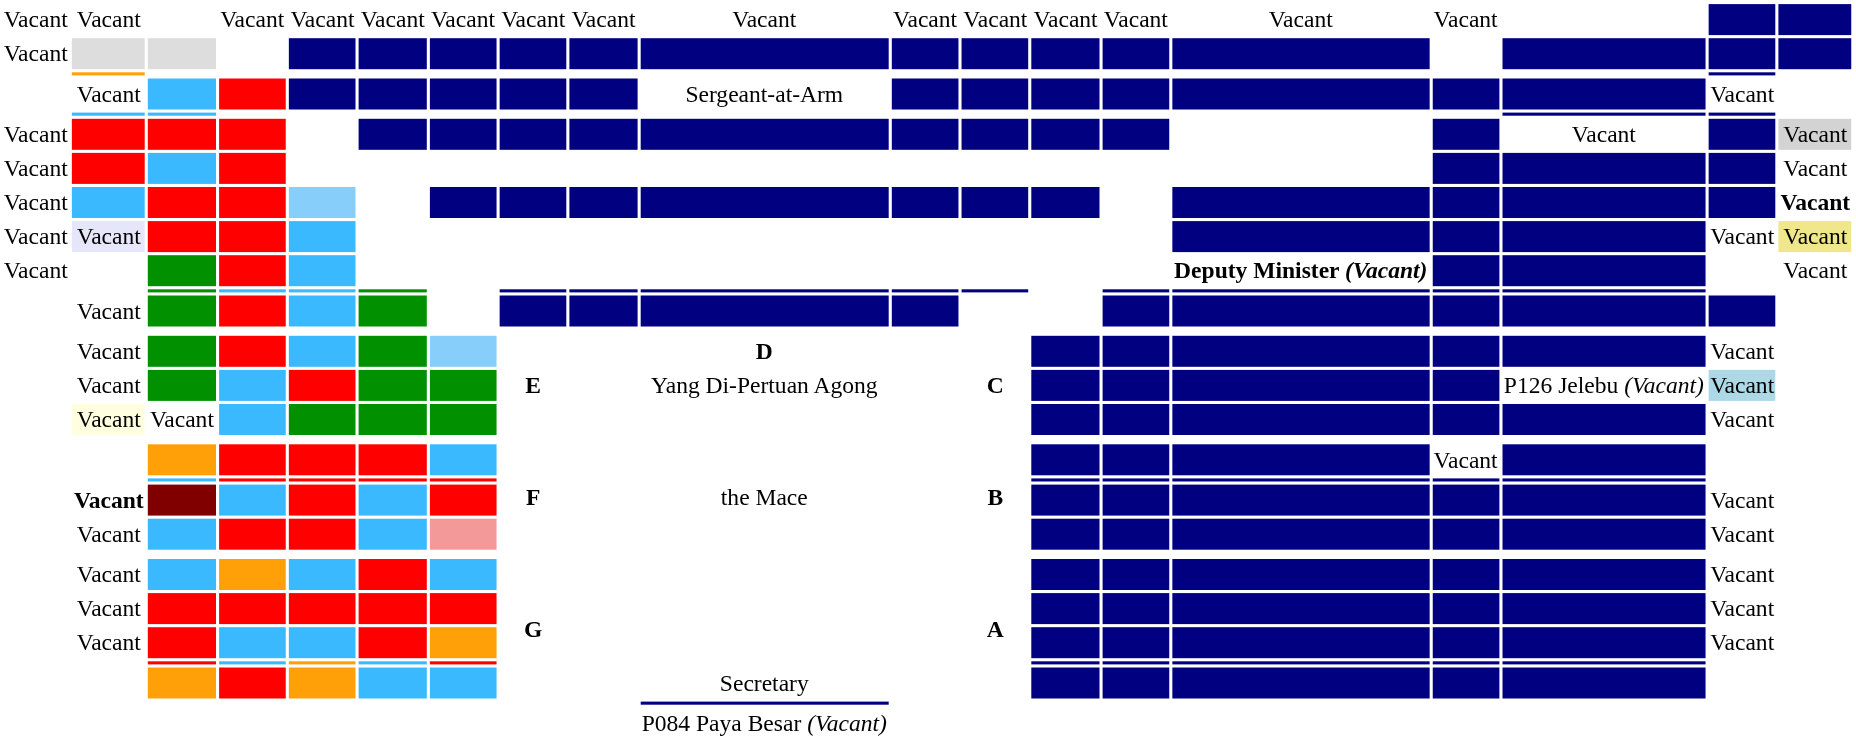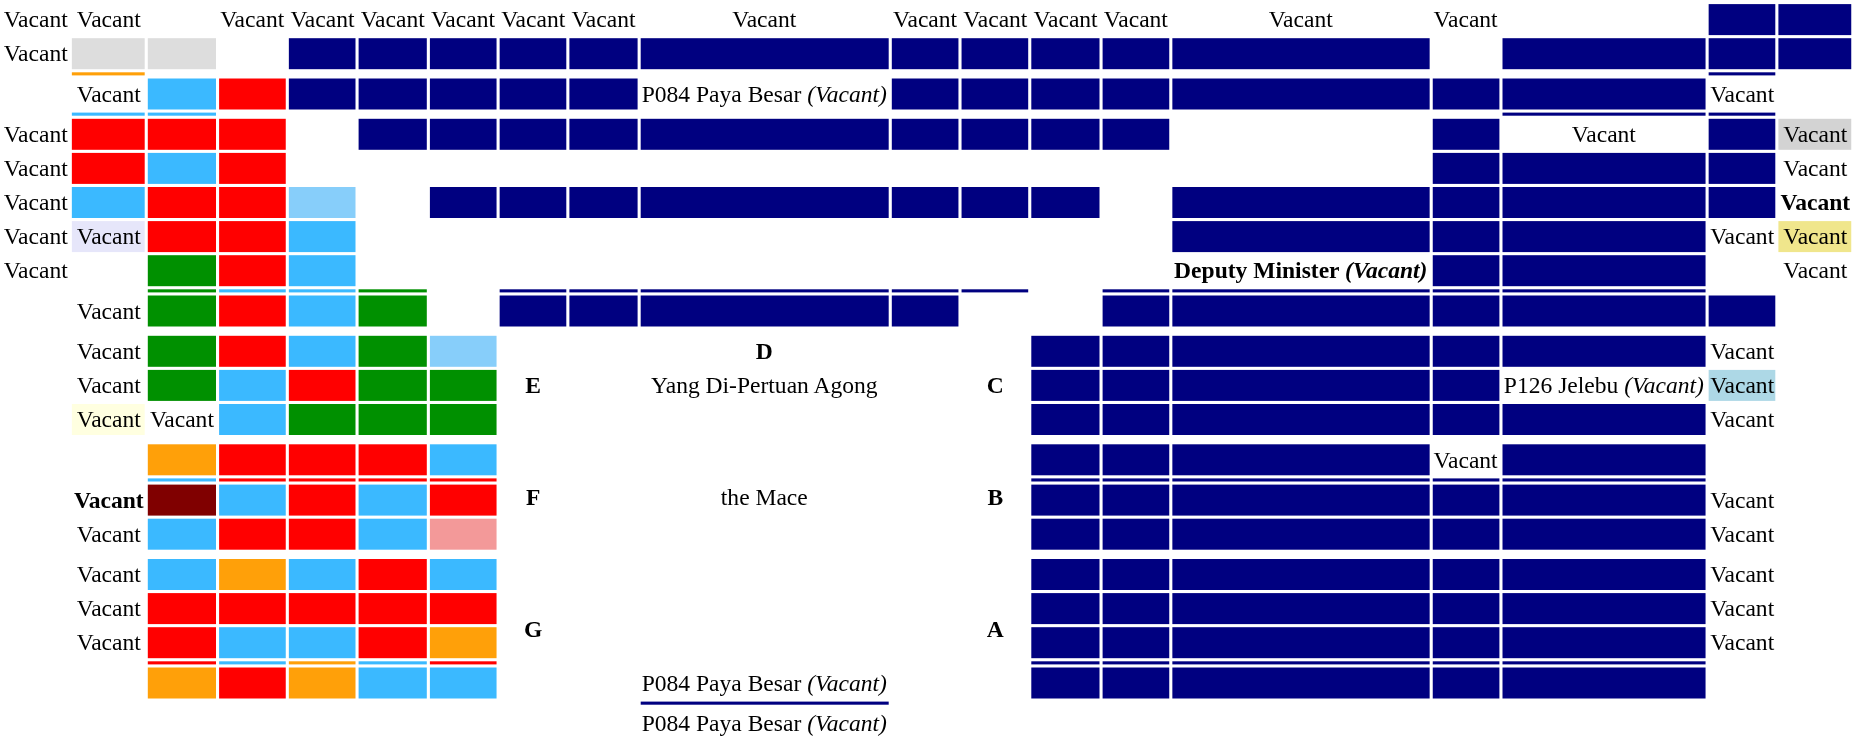 <table style="font-size:95%; text-align:center;">
 <tr>
 <td>Vacant</td>
 <td>Vacant</td>
 <td></td>
 <td>Vacant</td>
 <td>Vacant</td>
 <td>Vacant</td>
 <td>Vacant</td>
 <td>Vacant</td>
 <td>Vacant</td>
 <td>Vacant</td>
 <td>Vacant</td>
 <td>Vacant</td>
 <td>Vacant</td>
 <td>Vacant</td>
 <td>Vacant</td>
 <td>Vacant</td>
 <td></td>
 <td style="background-color:#000080;"></td>
 <td style="background-color:#000080;"></td>
 </tr>
 <tr>
 <td>Vacant</td>
 <td style="background-color:#DDDDDD;"></td>
 <td style="background-color:#DDDDDD;"></td>
 <td></td>
 <td style="background-color:#000080;"></td>
 <td style="background-color:#000080;"></td>
 <td style="background-color:#000080;"></td>
 <td style="background-color:#000080;"></td>
 <td style="background-color:#000080;"></td>
 <td style="background-color:#000080;"></td>
 <td style="background-color:#000080;"></td>
 <td style="background-color:#000080;"></td>
 <td style="background-color:#000080;"></td>
 <td style="background-color:#000080;"></td>
 <td style="background-color:#000080;"></td>
 <td></td>
 <td style="background-color:#000080;"></td>
 <td style="background-color:#000080;"></td>
 <td style="background-color:#000080;"></td>
 </tr>
 <tr>
 <td></td>
 <td style="background-color:#FFA009;"></td>
 <td></td>
 <td></td>
 <td></td>
 <td></td>
 <td></td>
 <td></td>
 <td></td>
 <td></td>
 <td></td>
 <td></td>
 <td></td>
 <td></td>
 <td></td>
 <td></td>
 <td></td>
 <td style="background-color:#000080;"></td>
 <td></td>
 </tr>
 <tr>
 <td></td>
 <td>Vacant</td>
 <td style="background-color:#3BB9FF;"></td>
 <td style="background-color:#FF0000;"></td>
 <td style="background-color:#000080;"></td>
 <td style="background-color:#000080;"></td>
 <td style="background-color:#000080;"></td>
 <td style="background-color:#000080;"></td>
 <td style="background-color:#000080;"></td>
-<td>Sergeant-at-Arm</td>
+<td>P084 Paya Besar <em>(Vacant)</em></td>
 <td style="background-color:#000080;"></td>
 <td style="background-color:#000080;"></td>
 <td style="background-color:#000080;"></td>
 <td style="background-color:#000080;"></td>
 <td style="background-color:#000080;"></td>
 <td style="background-color:#000080;"></td>
 <td style="background-color:#000080;"></td>
 <td>Vacant</td>
 <td></td>
 </tr>
 <tr>
 <td></td>
 <td style="background-color:#3BB9FF;"></td>
 <td style="background-color:#3BB9FF;"></td>
 <td></td>
 <td></td>
 <td></td>
 <td></td>
 <td></td>
 <td></td>
 <td></td>
 <td></td>
 <td></td>
 <td></td>
 <td></td>
 <td></td>
 <td></td>
 <td style="background-color:#000080;"></td>
 <td style="background-color:#000080;"></td>
 <td></td>
 </tr>
 <tr>
 <td>Vacant</td>
 <td style="background-color:#FF0000;"></td>
 <td style="background-color:#FF0000;"></td>
 <td style="background-color:#FF0000;"></td>
 <td></td>
 <td style="background-color:#000080;"></td>
 <td style="background-color:#000080;"></td>
 <td style="background-color:#000080;"></td>
 <td style="background-color:#000080;"></td>
 <td style="background-color:#000080;"></td>
 <td style="background-color:#000080;"></td>
 <td style="background-color:#000080;"></td>
 <td style="background-color:#000080;"></td>
 <td style="background-color:#000080;"></td>
 <td></td>
 <td style="background-color:#000080;"></td>
 <td>Vacant</td>
 <td style="background-color:#000080;"></td>
 <td style="background: lightgrey;">Vacant</td>
 </tr>
 <tr>
 <td>Vacant</td>
 <td style="background-color:#FF0000;"></td>
 <td style="background-color:#3BB9FF;"></td>
 <td style="background-color:#FF0000;"></td>
 <td></td>
 <td></td>
 <td></td>
 <td></td>
 <td></td>
 <td></td>
 <td></td>
 <td></td>
 <td></td>
 <td></td>
 <td></td>
 <td style="background-color:#000080;"></td>
 <td style="background-color:#000080;"></td>
 <td style="background-color:#000080;"></td>
 <td>Vacant</td>
 </tr>
 <tr>
 <td>Vacant</td>
 <td style="background-color:#3BB9FF;"></td>
 <td style="background-color:#FF0000;"></td>
 <td style="background-color:#FF0000;"></td>
 <td style="background-color:#87CEFA;"></td>
 <td></td>
 <td style="background-color:#000080;"></td>
 <td style="background-color:#000080;"></td>
 <td style="background-color:#000080;"></td>
 <td style="background-color:#000080;"></td>
 <td style="background-color:#000080;"></td>
 <td style="background-color:#000080;"></td>
 <td style="background-color:#000080;"></td>
 <td></td>
 <td style="background-color:#000080;"></td>
 <td style="background-color:#000080;"></td>
 <td style="background-color:#000080;"></td>
 <td style="background-color:#000080;"></td>
 <td><strong>Vacant</strong></td>
 </tr>
 <tr>
 <td>Vacant</td>
 <td style="background: lavender;">Vacant</td>
 <td style="background-color:#FF0000;"></td>
 <td style="background-color:#FF0000;"></td>
 <td style="background-color:#3BB9FF;"></td>
 <td></td>
 <td></td>
 <td></td>
 <td></td>
 <td></td>
 <td></td>
 <td></td>
 <td></td>
 <td></td>
 <td style="background-color:#000080;"></td>
 <td style="background-color:#000080;"></td>
 <td style="background-color:#000080;"></td>
 <td>Vacant</td>
 <td style="background: khaki;">Vacant</td>
 </tr>
 <tr>
 <td>Vacant</td>
 <td></td>
 <td style="background-color:#009000;"></td>
 <td style="background-color:#FF0000;"></td>
 <td style="background-color:#3BB9FF;"></td>
 <td></td>
 <td></td>
 <td></td>
 <td></td>
 <td></td>
 <td></td>
 <td></td>
 <td></td>
 <td></td>
 <td><strong>Deputy Minister <em>(Vacant)</em></strong></td>
 <td style="background-color:#000080;"></td>
 <td style="background-color:#000080;"></td>
 <td></td>
 <td>Vacant</td>
 </tr>
 <tr>
 <td></td>
 <td></td>
 <td style="background-color:#009000;"></td>
 <td style="background-color:#3BB9FF;"></td>
 <td style="background-color:#3BB9FF;"></td>
 <td style="background-color:#009000;"></td>
 <td></td>
 <td style="background-color:#000080;"></td>
 <td style="background-color:#000080;"></td>
 <td style="background-color:#000080;"></td>
 <td style="background-color:#000080;"></td>
 <td style="background-color:#000080;"></td>
 <td></td>
 <td style="background-color:#000080;"></td>
 <td style="background-color:#000080;"></td>
 <td style="background-color:#000080;"></td>
 <td style="background-color:#000080;"></td>
 <td></td>
 <td></td>
 </tr>
 <tr>
 <td></td>
 <td>Vacant</td>
 <td style="background-color:#009000;"></td>
 <td style="background-color:#FF0000;"></td>
 <td style="background-color:#3BB9FF;"></td>
 <td style="background-color:#009000;"></td>
 <td></td>
 <td style="background-color:#000080;"></td>
 <td style="background-color:#000080;"></td>
 <td style="background-color:#000080;"></td>
 <td style="background-color:#000080;"></td>
 <td></td>
 <td></td>
 <td style="background-color:#000080;"></td>
 <td style="background-color:#000080;"></td>
 <td style="background-color:#000080;"></td>
 <td style="background-color:#000080;"></td>
 <td style="background-color:#000080;"></td>
 <td></td>
 </tr>
 <tr>
 <td colspan=19></td>
 </tr>
 <tr>
 <td></td>
 <td>Vacant</td>
 <td style="background-color:#009000;"></td>
 <td style="background-color:#FF0000;"></td>
 <td style="background-color:#3BB9FF;"></td>
 <td style="background-color:#009000;"></td>
 <td style="background-color:#87CEFA;"></td>
 <td rowspan="3"><strong>E</strong></td>
 <td></td>
 <td><strong>D</strong></td>
 <td></td>
 <td rowspan=3><strong>C</strong></td>
 <td style="background-color:#000080;"></td>
 <td style="background-color:#000080;"></td>
 <td style="background-color:#000080;"></td>
 <td style="background-color:#000080;"></td>
 <td style="background-color:#000080;"></td>
 <td>Vacant</td>
 <td></td>
 <td></td>
 <td></td>
 </tr>
 <tr>
 <td></td>
 <td>Vacant</td>
 <td style="background-color:#009000;"></td>
 <td style="background-color:#3BB9FF;"></td>
 <td style="background-color:#FF0000;"></td>
 <td style="background-color:#009000;"></td>
 <td style="background-color:#009000;"></td>
 <td></td>
 <td>Yang Di-Pertuan Agong</td>
 <td></td>
 <td style="background-color:#000080;"></td>
 <td style="background-color:#000080;"></td>
 <td style="background-color:#000080;"></td>
 <td style="background-color:#000080;"></td>
 <td>P126 Jelebu <em>(Vacant)</em></td>
 <td style="background: lightblue;">Vacant</td>
 <td></td>
 <td></td>
 <td></td>
 </tr>
 <tr>
 <td></td>
 <td style="background: lightyellow;">Vacant</td>
 <td>Vacant</td>
 <td style="background-color:#3BB9FF;"></td>
 <td style="background-color:#009000;"></td>
 <td style="background-color:#009000;"></td>
 <td style="background-color:#009000;"></td>
 <td></td>
 <td></td>
 <td></td>
 <td style="background-color:#000080;"></td>
 <td style="background-color:#000080;"></td>
 <td style="background-color:#000080;"></td>
 <td style="background-color:#000080;"></td>
 <td style="background-color:#000080;"></td>
 <td>Vacant</td>
 <td></td>
 <td></td>
 <td></td>
 </tr>
 <tr>
 <td colspan=19></td>
 </tr>
 <tr>
 <td></td>
 <td></td>
 <td style="background-color:#FFA009;"></td>
 <td style="background-color:#FF0000;"></td>
 <td style="background-color:#FF0000;"></td>
 <td style="background-color:#FF0000;"></td>
 <td style="background-color:#3BB9FF;"></td>
 <td rowspan="4"><strong>F</strong></td>
 <td></td>
 <td rowspan=4>the Mace</td>
 <td></td>
 <td rowspan=4><strong>B</strong></td>
 <td style="background-color:#000080;"></td>
 <td style="background-color:#000080;"></td>
 <td style="background-color:#000080;"></td>
 <td>Vacant</td>
 <td style="background-color:#000080;"></td>
 <td></td>
 <td></td>
 <td></td>
 </tr>
 <tr>
 <td></td>
 <td></td>
 <td style="background-color:#3BB9FF;"></td>
 <td style="background-color:#FF0000;"></td>
 <td style="background-color:#FF0000;"></td>
 <td style="background-color:#FF0000;"></td>
 <td style="background-color:#FF0000;"></td>
 <td></td>
 <td></td>
 <td style="background-color:#000080;"></td>
 <td style="background-color:#000080;"></td>
 <td style="background-color:#000080;"></td>
 <td style="background-color:#000080;"></td>
 <td style="background-color:#000080;"></td>
 <td></td>
 <td></td>
 <td></td>
 </tr>
 <tr>
 <td></td>
 <td><strong>Vacant</strong></td>
 <td style="background-color:#800000;"></td>
 <td style="background-color:#3BB9FF;"></td>
 <td style="background-color:#FF0000;"></td>
 <td style="background-color:#3BB9FF;"></td>
 <td style="background-color:#FF0000;"></td>
 <td></td>
 <td></td>
 <td style="background-color:#000080;"></td>
 <td style="background-color:#000080;"></td>
 <td style="background-color:#000080;"></td>
 <td style="background-color:#000080;"></td>
 <td style="background-color:#000080;"></td>
 <td>Vacant</td>
 <td></td>
 <td></td>
 <td></td>
 </tr>
 <tr>
 <td></td>
 <td>Vacant</td>
 <td style="background-color:#3BB9FF;"></td>
 <td style="background-color:#FF0000;"></td>
 <td style="background-color:#FF0000;"></td>
 <td style="background-color:#3BB9FF;"></td>
 <td style="background-color:#F39999;"></td>
 <td></td>
 <td></td>
 <td style="background-color:#000080;"></td>
 <td style="background-color:#000080;"></td>
 <td style="background-color:#000080;"></td>
 <td style="background-color:#000080;"></td>
 <td style="background-color:#000080;"></td>
 <td>Vacant</td>
 <td></td>
 <td></td>
 <td></td>
 </tr>
 <tr>
 <td colspan=19></td>
 </tr>
 <tr>
 <td></td>
 <td>Vacant</td>
 <td style="background-color:#3BB9FF;"></td>
 <td style="background-color:#FFA009;"></td>
 <td style="background-color:#3BB9FF;"></td>
 <td style="background-color:#FF0000;"></td>
 <td style="background-color:#3BB9FF;"></td>
 <td rowspan="5"><strong>G</strong></td>
 <td></td>
 <td></td>
 <td></td>
 <td rowspan=5><strong>A</strong></td>
 <td style="background-color:#000080;"></td>
 <td style="background-color:#000080;"></td>
 <td style="background-color:#000080;"></td>
 <td style="background-color:#000080;"></td>
 <td style="background-color:#000080;"></td>
 <td>Vacant</td>
 <td></td>
 <td></td>
 <td></td>
 </tr>
 <tr>
 <td></td>
 <td>Vacant</td>
 <td style="background-color:#FF0000;"></td>
 <td style="background-color:#FF0000;"></td>
 <td style="background-color:#FF0000;"></td>
 <td style="background-color:#FF0000;"></td>
 <td style="background-color:#FF0000;"></td>
 <td></td>
 <td></td>
 <td></td>
 <td style="background-color:#000080;"></td>
 <td style="background-color:#000080;"></td>
 <td style="background-color:#000080;"></td>
 <td style="background-color:#000080;"></td>
 <td style="background-color:#000080;"></td>
 <td>Vacant</td>
 <td></td>
 <td></td>
 <td></td>
 </tr>
 <tr>
 <td></td>
 <td>Vacant</td>
 <td style="background-color:#FF0000;"></td>
 <td style="background-color:#3BB9FF;"></td>
 <td style="background-color:#3BB9FF;"></td>
 <td style="background-color:#FF0000;"></td>
 <td style="background-color:#FFA009;"></td>
 <td></td>
 <td></td>
 <td></td>
 <td style="background-color:#000080;"></td>
 <td style="background-color:#000080;"></td>
 <td style="background-color:#000080;"></td>
 <td style="background-color:#000080;"></td>
 <td style="background-color:#000080;"></td>
 <td>Vacant</td>
 <td></td>
 <td></td>
 <td></td>
 </tr>
 <tr>
 <td></td>
 <td></td>
 <td style="background-color:#FF0000;"></td>
 <td style="background-color:#3BB9FF;"></td>
 <td style="background-color:#FFA009;"></td>
 <td style="background-color:#3BB9FF;"></td>
 <td style="background-color:#FF0000;"></td>
 <td></td>
 <td></td>
 <td></td>
 <td style="background-color:#000080;"></td>
 <td style="background-color:#000080;"></td>
 <td style="background-color:#000080;"></td>
 <td style="background-color:#000080;"></td>
 <td style="background-color:#000080;"></td>
 <td></td>
 <td></td>
 <td></td>
 </tr>
 <tr>
 <td></td>
 <td></td>
 <td style="background-color:#FFA009;"></td>
 <td style="background-color:#FF0000;"></td>
 <td style="background-color:#FFA009;"></td>
 <td style="background-color:#3BB9FF;"></td>
 <td style="background-color:#3BB9FF;"></td>
 <td></td>
-<td>Secretary</td>
+<td>P084 Paya Besar <em>(Vacant)</em></td>
 <td></td>
 <td style="background-color:#000080;"></td>
 <td style="background-color:#000080;"></td>
 <td style="background-color:#000080;"></td>
 <td style="background-color:#000080;"></td>
 <td style="background-color:#000080;"></td>
 <td></td>
 <td></td>
 <td></td>
 </tr>
 <tr>
 <td colspan=9></td>
 <td style="background-color:#000080;"></td>
 <td colspan=9></td>
 </tr>
 <tr>
 <td colspan=9></td>
 <td>P084 Paya Besar <em>(Vacant)</em></td>
 <td colspan=9></td>
 </tr>
 </table>
